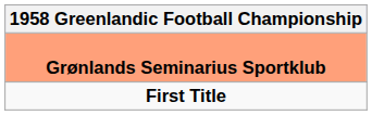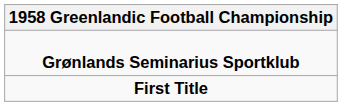 <table class="wikitable" style="margin: 1em auto 1em auto;">
 <tr bgcolor="#CCCCFF" align="center">
 <th>1958 Greenlandic Football Championship</th>
 </tr>
 <tr>
-<td align="center" style="background: lightsalmon;"><br><strong>Grønlands Seminarius Sportklub</strong></td>
+<td align="center"><br><strong>Grønlands Seminarius Sportklub</strong></td>
 </tr>
 <tr>
 <td align="center"><strong>First Title</strong></td>
 </tr>
 </table>
